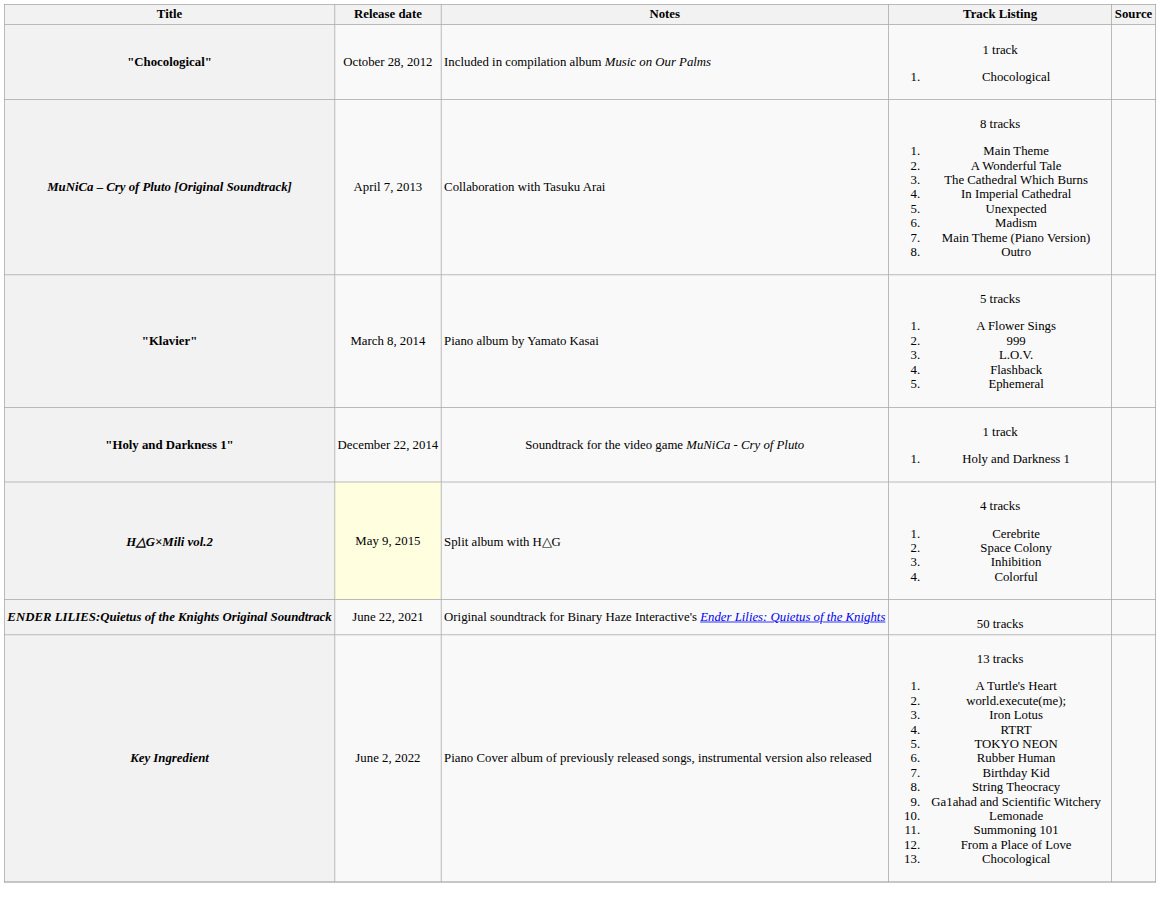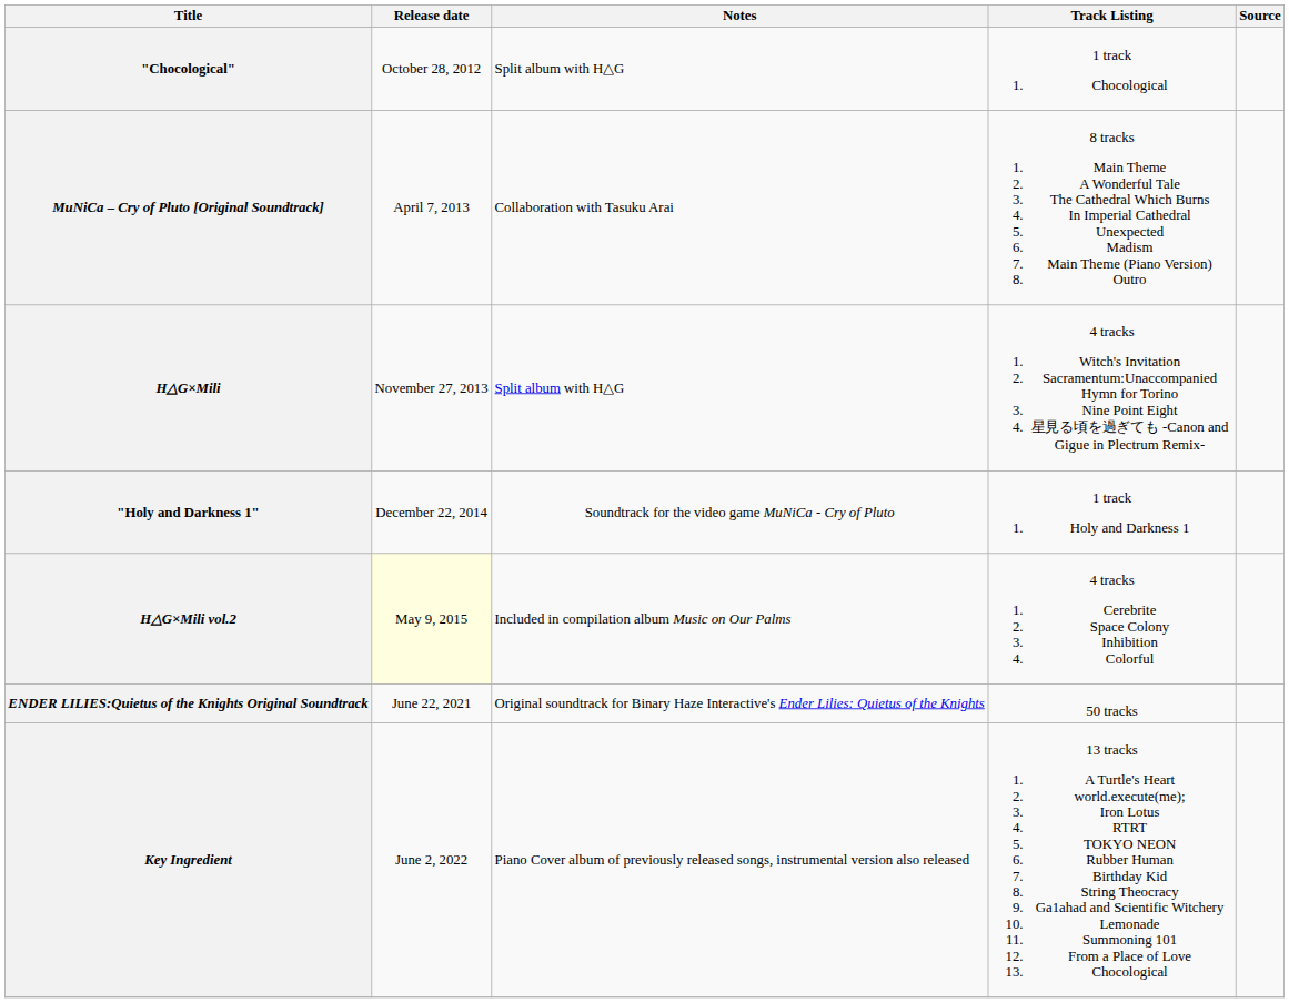 <table class="wikitable plainrowheaders" style="text-align:center;">
 <tr>
 <th scope="col" colspan="1">Title</th>
 <th scope="col" colspan="1">Release date</th>
 <th scope="col" colspan="1">Notes</th>
 <th scope="col" colspan="1">Track Listing</th>
 <th scope="col" colspan="1">Source</th>
 </tr>
 <tr>
 <th scope="row">"Chocological"</th>
 <td>October 28, 2012</td>
-<td align="left">Included in compilation album <em>Music on Our Palms</em></td>
+<td align="left">Split album with H△G</td>
 <td style="width:17em"><br>1 track<ol><li>Chocological</li></ol></td>
 <td></td>
 </tr>
 <tr>
 <th scope="row"><em>MuNiCa – Cry of Pluto [Original Soundtrack]</em></th>
 <td>April 7, 2013</td>
 <td align="left">Collaboration with Tasuku Arai</td>
 <td style="width:17em"><br>8 tracks<ol><li>Main Theme</li><li>A Wonderful Tale</li><li>The Cathedral Which Burns</li><li>In Imperial Cathedral</li><li>Unexpected</li><li>Madism</li><li>Main Theme (Piano Version)</li><li>Outro</li></ol></td>
 <td></td>
 </tr>
 <tr>
-<th scope="row">"Klavier"</th>
-<td>March 8, 2014</td>
-<td align="left">Piano album by Yamato Kasai</td>
-<td style="width:17em"><br>5 tracks<ol><li>A Flower Sings</li><li>999</li><li>L.O.V.</li><li>Flashback</li><li>Ephemeral</li></ol></td>
-<td> </td>
+<th scope="row"><em>H△G×Mili</em></th>
+<td>November 27, 2013</td>
+<td align="left"><a href='#'>Split album</a> with H△G</td>
+<td style="width:17em"><br>4 tracks<ol><li>Witch's Invitation</li><li>Sacramentum:Unaccompanied Hymn for Torino</li><li>Nine Point Eight</li><li>星見る頃を過ぎても -Canon and Gigue in Plectrum Remix-</li></ol></td>
+<td></td>
 </tr>
 <tr>
 <th scope="row">"Holy and Darkness 1"</th>
 <td>December 22, 2014</td>
 <td>Soundtrack for the video game <em>MuNiCa - Cry of Pluto</em></td>
 <td style="width:17em"><br>1 track<ol><li>Holy and Darkness 1</li></ol></td>
 <td></td>
 </tr>
 <tr>
 <th scope="row"><em>H△G×Mili vol.2</em></th>
 <td style="background: lightyellow;">May 9, 2015</td>
-<td align="left">Split album with H△G</td>
+<td align="left">Included in compilation album <em>Music on Our Palms</em></td>
 <td style="width:17em"><br>4 tracks<ol><li>Cerebrite</li><li>Space Colony</li><li>Inhibition</li><li>Colorful</li></ol></td>
 <td></td>
 </tr>
 <tr>
 <th scope="row"><em>ENDER LILIES:Quietus of the Knights Original Soundtrack</em></th>
 <td>June 22, 2021</td>
 <td alight="left">Original soundtrack for Binary Haze Interactive's <em><a href='#'>Ender Lilies: Quietus of the Knights</a></em></td>
 <td style="width:17em"><br>50 tracks</td>
 <td></td>
 </tr>
 <tr>
 <th scope="row"><em>Key Ingredient</em></th>
 <td>June 2, 2022</td>
 <td align="left">Piano Cover album of previously released songs, instrumental version also released</td>
 <td style="width:17em"><br>13 tracks<ol><li>A Turtle's Heart</li><li>world.execute(me);</li><li>Iron Lotus</li><li>RTRT</li><li>TOKYO NEON</li><li>Rubber Human</li><li>Birthday Kid</li><li>String Theocracy</li><li>Ga1ahad and Scientific Witchery</li><li>Lemonade</li><li>Summoning 101</li><li>From a Place of Love</li><li>Chocological</li></ol></td>
 <td> </td>
 </tr>
 <tr>
 </tr>
 </table>
